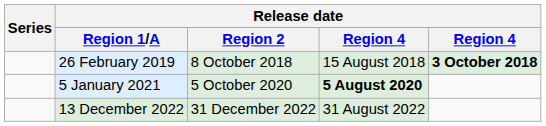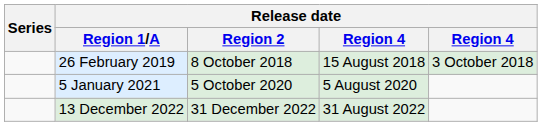 <table class="wikitable">
 <tr>
 <th rowspan="2">Series</th>
 <th colspan="5">Release date</th>
 </tr>
 <tr>
 <th><a href='#'>Region 1</a>/<a href='#'>A</a><br></th>
 <th><a href='#'>Region 2</a><br></th>
 <th><a href='#'>Region 4</a><br></th>
 <th><a href='#'>Region 4</a><br></th>
 </tr>
 <tr>
 <td></td>
 <td bgcolor="#DEF">26 February 2019</td>
 <td bgcolor="#DED">8 October 2018</td>
 <td bgcolor="#DED">15 August 2018</td>
-<td bgcolor="#DED"><strong>3 October 2018</strong></td>
+<td bgcolor="#DED">3 October 2018</td>
 </tr>
 <tr>
 <td></td>
 <td bgcolor="#DEF">5 January 2021</td>
 <td bgcolor="#DED">5 October 2020</td>
-<td bgcolor="#DED"><strong>5 August 2020</strong></td>
+<td bgcolor="#DED">5 August 2020</td>
 <td></td>
 </tr>
 <tr>
 <td></td>
 <td bgcolor="#DED">13 December 2022</td>
 <td bgcolor="#DED">31 December 2022</td>
 <td bgcolor="#DED">31 August 2022</td>
 <td></td>
 </tr>
 </table>
